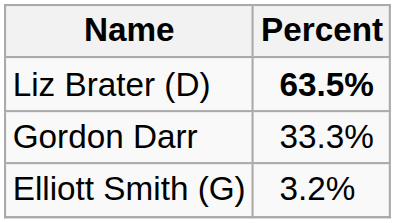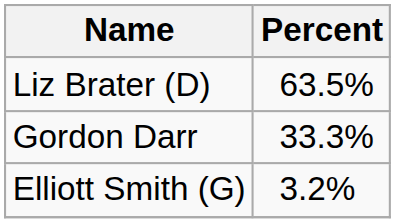 <table class="wikitable">
 <tr>
 <th>Name</th>
 <th>Percent</th>
 </tr>
 <tr>
 <td>Liz Brater (D)</td>
-<td><strong>  63.5%</strong></td>
+<td>  63.5%</td>
 </tr>
 <tr>
 <td>Gordon Darr</td>
 <td>  33.3%</td>
 </tr>
 <tr>
 <td>Elliott Smith (G)</td>
 <td>  3.2%</td>
 </tr>
 <tr>
 </tr>
 </table>
